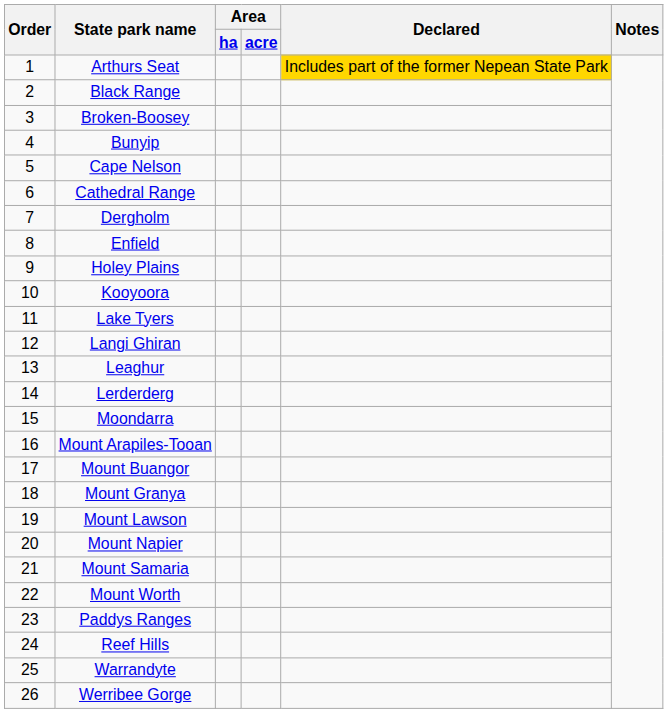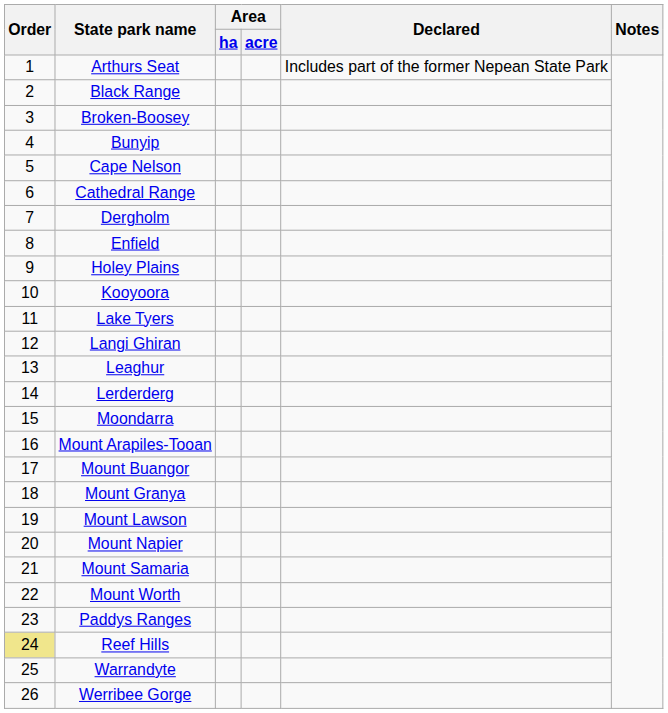 <table class="wikitable sortable plainrowheaders" style="text-align:center;">
 <tr>
 <th scope="col" rowspan="2">Order</th>
 <th scope="col" rowspan="2">State park name</th>
 <th scope="col" colspan="2">Area</th>
 <th scope="col" rowspan="2">Declared<br></th>
 <th scope="col" rowspan="2">Notes</th>
 </tr>
 <tr>
 <th scope="col"><a href='#'>ha</a></th>
 <th scope="col"><a href='#'>acre</a></th>
 </tr>
 <tr>
 <td scope="row">1</td>
 <td><a href='#'>Arthurs Seat</a></td>
 <td></td>
 <td></td>
-<td style="background: gold;">Includes part of the former Nepean State Park</td>
+<td>Includes part of the former Nepean State Park</td>
 </tr>
 <tr>
 <td scope="row">2</td>
 <td><a href='#'>Black Range</a></td>
 <td></td>
 <td></td>
 <td></td>
 </tr>
 <tr>
 <td scope="row">3</td>
 <td><a href='#'>Broken-Boosey</a></td>
 <td></td>
 <td></td>
 <td></td>
 </tr>
 <tr>
 <td scope="row">4</td>
 <td><a href='#'>Bunyip</a></td>
 <td></td>
 <td></td>
 <td></td>
 </tr>
 <tr>
 <td scope="row">5</td>
 <td><a href='#'>Cape Nelson</a></td>
 <td></td>
 <td></td>
 <td></td>
 </tr>
 <tr>
 <td scope="row">6</td>
 <td><a href='#'>Cathedral Range</a></td>
 <td></td>
 <td></td>
 <td></td>
 </tr>
 <tr>
 <td scope="row">7</td>
 <td><a href='#'>Dergholm</a></td>
 <td></td>
 <td></td>
 <td></td>
 </tr>
 <tr>
 <td scope="row">8</td>
 <td><a href='#'>Enfield</a></td>
 <td></td>
 <td></td>
 <td></td>
 </tr>
 <tr>
 <td scope="row">9</td>
 <td><a href='#'>Holey Plains</a></td>
 <td></td>
 <td></td>
 <td></td>
 </tr>
 <tr>
 <td scope="row">10</td>
 <td><a href='#'>Kooyoora</a></td>
 <td></td>
 <td></td>
 <td></td>
 </tr>
 <tr>
 <td scope="row">11</td>
 <td><a href='#'>Lake Tyers</a></td>
 <td></td>
 <td></td>
 <td></td>
 </tr>
 <tr>
 <td scope="row">12</td>
 <td><a href='#'>Langi Ghiran</a></td>
 <td></td>
 <td></td>
 <td></td>
 </tr>
 <tr>
 <td scope="row">13</td>
 <td><a href='#'>Leaghur</a></td>
 <td></td>
 <td></td>
 <td></td>
 </tr>
 <tr>
 <td scope="row">14</td>
 <td><a href='#'>Lerderderg</a></td>
 <td></td>
 <td></td>
 <td></td>
 </tr>
 <tr>
 <td scope="row">15</td>
 <td><a href='#'>Moondarra</a></td>
 <td></td>
 <td></td>
 <td></td>
 </tr>
 <tr>
 <td scope="row">16</td>
 <td><a href='#'>Mount Arapiles-Tooan</a></td>
 <td></td>
 <td></td>
 <td></td>
 </tr>
 <tr>
 <td scope="row">17</td>
 <td><a href='#'>Mount Buangor</a></td>
 <td></td>
 <td></td>
 <td></td>
 </tr>
 <tr>
 <td scope="row">18</td>
 <td><a href='#'>Mount Granya</a></td>
 <td></td>
 <td></td>
 <td></td>
 </tr>
 <tr>
 <td scope="row">19</td>
 <td><a href='#'>Mount Lawson</a></td>
 <td></td>
 <td></td>
 <td></td>
 </tr>
 <tr>
 <td scope="row">20</td>
 <td><a href='#'>Mount Napier</a></td>
 <td></td>
 <td></td>
 <td></td>
 </tr>
 <tr>
 <td scope="row">21</td>
 <td><a href='#'>Mount Samaria</a></td>
 <td></td>
 <td></td>
 <td></td>
 </tr>
 <tr>
 <td scope="row">22</td>
 <td><a href='#'>Mount Worth</a></td>
 <td></td>
 <td></td>
 <td></td>
 </tr>
 <tr>
 <td scope="row">23</td>
 <td><a href='#'>Paddys Ranges</a></td>
 <td></td>
 <td></td>
 <td></td>
 </tr>
 <tr>
-<td scope="row">24</td>
+<td scope="row" style="background: khaki;">24</td>
 <td><a href='#'>Reef Hills</a></td>
 <td></td>
 <td></td>
 <td></td>
 </tr>
 <tr>
 <td scope="row">25</td>
 <td><a href='#'>Warrandyte</a></td>
 <td></td>
 <td></td>
 <td></td>
 </tr>
 <tr>
 <td scope="row">26</td>
 <td><a href='#'>Werribee Gorge</a></td>
 <td></td>
 <td></td>
 <td></td>
 </tr>
 </table>
